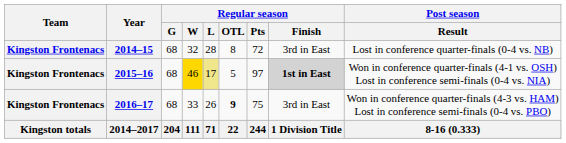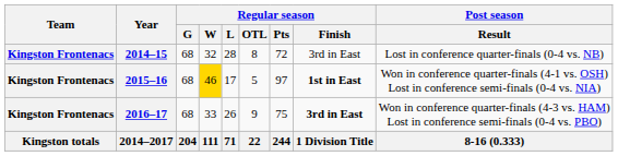 <table class="wikitable" style="font-size: 95%; text-align:center;">
 <tr>
 <th rowspan="2">Team</th>
 <th rowspan="2">Year</th>
 <th colspan="6"><a href='#'>Regular season</a></th>
 <th colspan="1"><a href='#'>Post season</a></th>
 </tr>
 <tr>
 <th>G</th>
 <th>W</th>
 <th>L</th>
 <th>OTL</th>
 <th>Pts</th>
 <th>Finish</th>
 <th>Result</th>
 </tr>
 <tr>
 <th><a href='#'>Kingston Frontenacs</a></th>
 <th><a href='#'>2014–15</a></th>
 <td>68</td>
 <td>32</td>
 <td>28</td>
 <td>8</td>
 <td>72</td>
 <td>3rd in East</td>
 <td>Lost in conference quarter-finals (0-4 vs. <a href='#'>NB</a>)</td>
 </tr>
 <tr>
 <th>Kingston Frontenacs</th>
 <th><a href='#'>2015–16</a></th>
 <td>68</td>
 <td style="background: gold;">46</td>
-<td style="background: khaki;">17</td>
+<td>17</td>
 <td>5</td>
 <td>97</td>
-<td style="background: lightgrey;"><strong>1st in East</strong></td>
+<td><strong>1st in East</strong></td>
 <td>Won in conference quarter-finals (4-1 vs. <a href='#'>OSH</a>) <br> Lost in conference semi-finals (0-4 vs. <a href='#'>NIA</a>)</td>
 </tr>
 <tr>
 <th>Kingston Frontenacs</th>
 <th><a href='#'>2016–17</a></th>
 <td>68</td>
 <td>33</td>
 <td>26</td>
-<td><strong>9</strong></td>
+<td>9</td>
 <td>75</td>
-<td>3rd in East</td>
+<td><strong>3rd in East</strong></td>
 <td>Won in conference quarter-finals (4-3 vs. <a href='#'>HAM</a>) <br> Lost in conference semi-finals (0-4 vs. <a href='#'>PBO</a>)</td>
 </tr>
 <tr align="centre" bgcolor="#dddddd">
 <th>Kingston totals</th>
 <th>2014–2017</th>
 <th>204</th>
 <th>111</th>
 <th>71</th>
 <th>22</th>
 <th>244</th>
 <th>1 Division Title</th>
 <th>8-16 (0.333)</th>
 </tr>
 </table>
